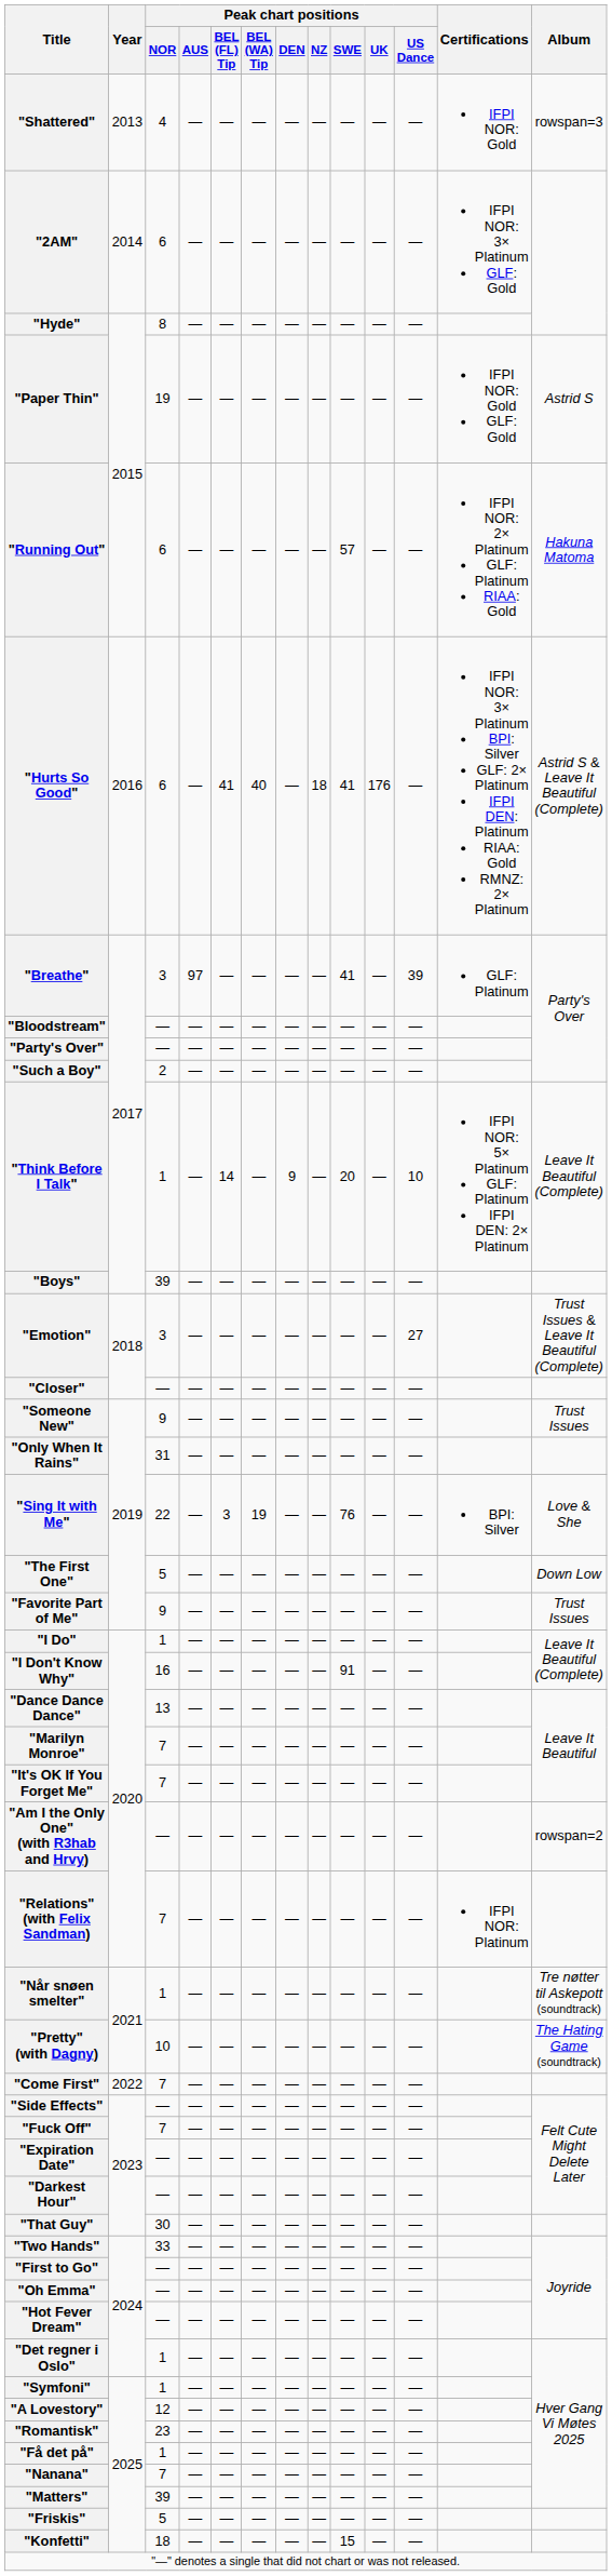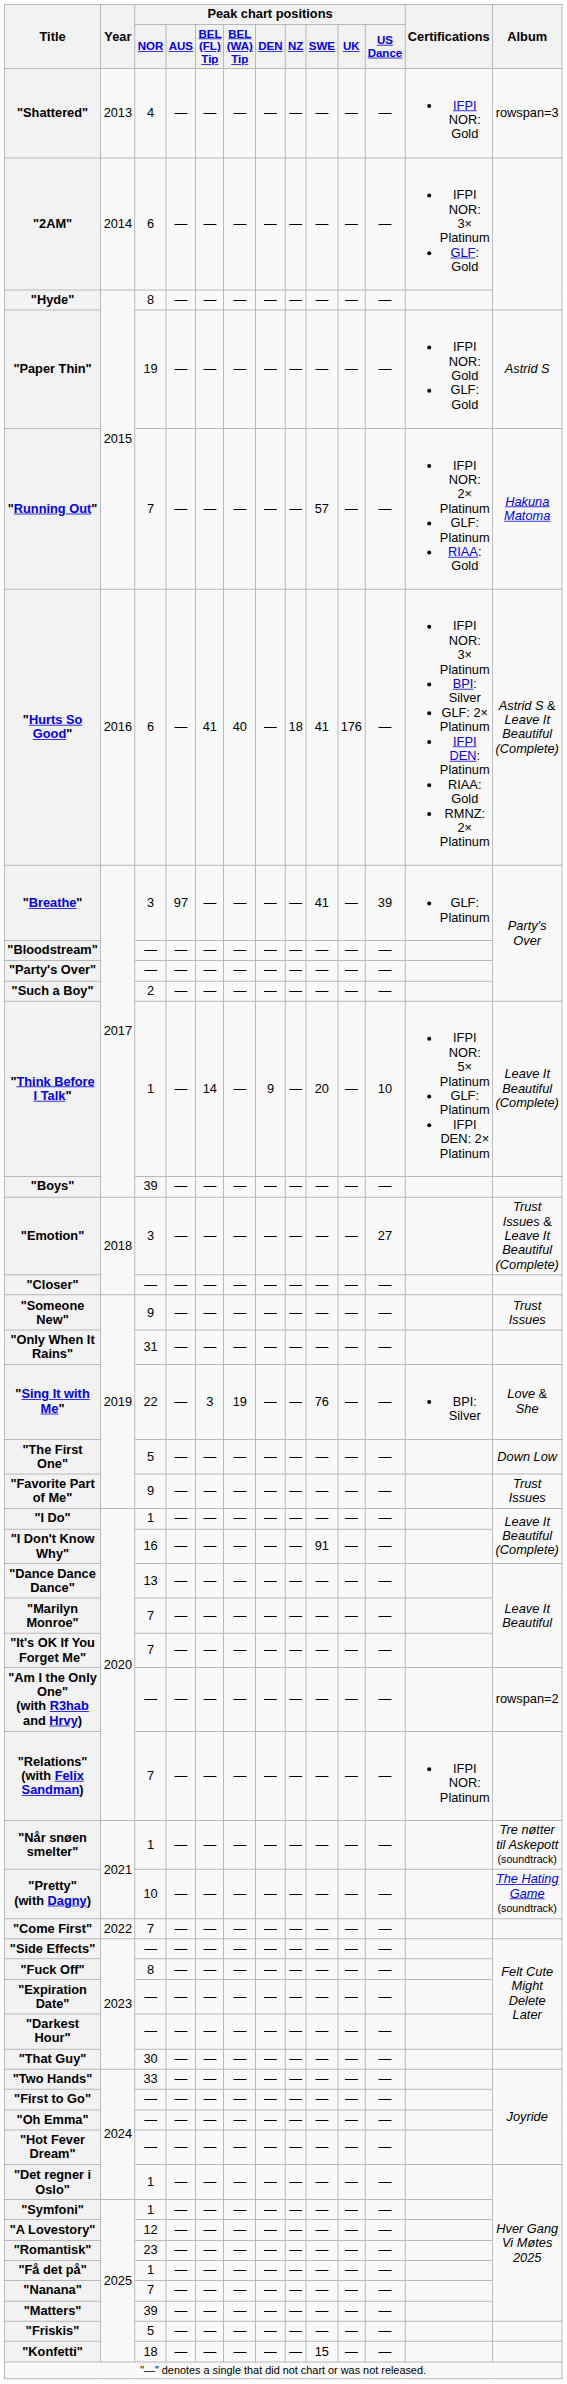 <table class="wikitable plainrowheaders" style="text-align:center">
 <tr>
 <th scope="col" rowspan="2">Title</th>
 <th scope="col" rowspan="2">Year</th>
 <th scope="col" colspan="9">Peak chart positions</th>
 <th scope="col" rowspan="2">Certifications</th>
 <th scope="col" rowspan="2">Album</th>
 </tr>
 <tr>
 <th scope="col" style="width:3em;font-size:90%;"><a href='#'>NOR</a><br></th>
 <th scope="col" style="width:3em;font-size:90%;"><a href='#'>AUS</a><br></th>
 <th scope="col" style="width:3em;font-size:90%;"><a href='#'>BEL (FL)<br>Tip</a><br></th>
 <th scope="col" style="width:3em;font-size:90%;"><a href='#'>BEL (WA)<br>Tip</a><br></th>
 <th scope="col" style="width:3em;font-size:90%;"><a href='#'>DEN</a><br></th>
 <th scope="col" style="width:3em;font-size:90%;"><a href='#'>NZ</a><br></th>
 <th scope="col" style="width:3em;font-size:90%;"><a href='#'>SWE</a><br></th>
 <th scope="col" style="width:3em;font-size:90%;"><a href='#'>UK</a><br></th>
 <th scope="col" style="width:3em;font-size:90%;"><a href='#'>US<br>Dance</a><br></th>
 </tr>
 <tr>
 <th scope="row">"Shattered"</th>
 <td>2013</td>
 <td>4</td>
 <td>—</td>
 <td>—</td>
 <td>—</td>
 <td>—</td>
 <td>—</td>
 <td>—</td>
 <td>—</td>
 <td>—</td>
 <td><br><ul><li><a href='#'>IFPI</a> NOR: Gold</li></ul></td>
 <td>rowspan=3 </td>
 </tr>
 <tr>
 <th scope="row">"2AM"<br></th>
 <td>2014</td>
 <td>6</td>
 <td>—</td>
 <td>—</td>
 <td>—</td>
 <td>—</td>
 <td>—</td>
 <td>—</td>
 <td>—</td>
 <td>—</td>
 <td><br><ul><li>IFPI NOR: 3× Platinum</li><li><a href='#'>GLF</a>: Gold</li></ul></td>
 </tr>
 <tr>
 <th scope="row">"Hyde"</th>
 <td rowspan=3>2015</td>
 <td>8</td>
 <td>—</td>
 <td>—</td>
 <td>—</td>
 <td>—</td>
 <td>—</td>
 <td>—</td>
 <td>—</td>
 <td>—</td>
 <td></td>
 </tr>
 <tr>
 <th scope="row">"Paper Thin"</th>
 <td>19</td>
 <td>—</td>
 <td>—</td>
 <td>—</td>
 <td>—</td>
 <td>—</td>
 <td>—</td>
 <td>—</td>
 <td>—</td>
 <td><br><ul><li>IFPI NOR: Gold</li><li>GLF: Gold</li></ul></td>
 <td><em>Astrid S</em></td>
 </tr>
 <tr>
 <th scope="row">"<a href='#'>Running Out</a>"<br></th>
-<td>6</td>
+<td>7</td>
 <td>—</td>
 <td>—</td>
 <td>—</td>
 <td>—</td>
 <td>—</td>
 <td>57</td>
 <td>—</td>
 <td>—</td>
 <td><br><ul><li>IFPI NOR: 2× Platinum</li><li>GLF: Platinum</li><li><a href='#'>RIAA</a>: Gold</li></ul></td>
 <td><em><a href='#'>Hakuna Matoma</a></em></td>
 </tr>
 <tr>
 <th scope="row">"<a href='#'>Hurts So Good</a>"</th>
 <td>2016</td>
 <td>6</td>
 <td>—</td>
 <td>41</td>
 <td>40</td>
 <td>—</td>
 <td>18</td>
 <td>41</td>
 <td>176</td>
 <td>—</td>
 <td><br><ul><li>IFPI NOR: 3× Platinum</li><li><a href='#'>BPI</a>: Silver</li><li>GLF: 2× Platinum</li><li><a href='#'>IFPI DEN</a>: Platinum</li><li>RIAA: Gold</li><li>RMNZ: 2× Platinum</li></ul></td>
 <td><em>Astrid S</em> & <em>Leave It Beautiful (Complete)</em></td>
 </tr>
 <tr>
 <th scope="row">"<a href='#'>Breathe</a>"</th>
 <td rowspan="6">2017</td>
 <td>3</td>
 <td>97</td>
 <td>—</td>
 <td>—</td>
 <td>—</td>
 <td>—</td>
 <td>41</td>
 <td>—</td>
 <td>39</td>
 <td><br><ul><li>GLF: Platinum</li></ul></td>
 <td rowspan=4><em>Party's Over</em></td>
 </tr>
 <tr>
 <th scope="row">"Bloodstream"</th>
 <td>—</td>
 <td>—</td>
 <td>—</td>
 <td>—</td>
 <td>—</td>
 <td>—</td>
 <td>—</td>
 <td>—</td>
 <td>—</td>
 <td></td>
 </tr>
 <tr>
 <th scope="row">"Party's Over"</th>
 <td>—</td>
 <td>—</td>
 <td>—</td>
 <td>—</td>
 <td>—</td>
 <td>—</td>
 <td>—</td>
 <td>—</td>
 <td>—</td>
 <td></td>
 </tr>
 <tr>
 <th scope="row">"Such a Boy"</th>
 <td>2</td>
 <td>—</td>
 <td>—</td>
 <td>—</td>
 <td>—</td>
 <td>—</td>
 <td>—</td>
 <td>—</td>
 <td>—</td>
 <td></td>
 </tr>
 <tr>
 <th scope="row">"<a href='#'>Think Before I Talk</a>"</th>
 <td>1</td>
 <td>—</td>
 <td>14</td>
 <td>—</td>
 <td>9</td>
 <td>—</td>
 <td>20</td>
 <td>—</td>
 <td>10</td>
 <td><br><ul><li>IFPI NOR: 5× Platinum</li><li>GLF: Platinum</li><li>IFPI DEN: 2× Platinum</li></ul></td>
 <td><em>Leave It Beautiful (Complete)</em></td>
 </tr>
 <tr>
 <th scope="row">"Boys"<br></th>
 <td>39<br></td>
 <td>—</td>
 <td>—</td>
 <td>—</td>
 <td>—</td>
 <td>—</td>
 <td>—</td>
 <td>—</td>
 <td>—</td>
 <td></td>
 <td></td>
 </tr>
 <tr>
 <th scope="row">"Emotion"</th>
 <td rowspan="2">2018</td>
 <td>3</td>
 <td>—</td>
 <td>—</td>
 <td>—</td>
 <td>—</td>
 <td>—</td>
 <td>—</td>
 <td>—</td>
 <td>27</td>
 <td></td>
 <td><em>Trust Issues</em> & <em>Leave It Beautiful (Complete)</em></td>
 </tr>
 <tr>
 <th scope="row">"Closer"</th>
 <td>—</td>
 <td>—</td>
 <td>—</td>
 <td>—</td>
 <td>—</td>
 <td>—</td>
 <td>—</td>
 <td>—</td>
 <td>—</td>
 <td></td>
 <td></td>
 </tr>
 <tr>
 <th scope="row">"Someone New"</th>
 <td rowspan="5">2019</td>
 <td>9</td>
 <td>—</td>
 <td>—</td>
 <td>—</td>
 <td>—</td>
 <td>—</td>
 <td>—</td>
 <td>—</td>
 <td>—</td>
 <td></td>
 <td><em>Trust Issues</em></td>
 </tr>
 <tr>
 <th scope="row">"Only When It Rains"<br></th>
 <td>31</td>
 <td>—</td>
 <td>—</td>
 <td>—</td>
 <td>—</td>
 <td>—</td>
 <td>—</td>
 <td>—</td>
 <td>—</td>
 <td></td>
 <td></td>
 </tr>
 <tr>
 <th scope="row">"<a href='#'>Sing It with Me</a>"<br></th>
 <td>22</td>
 <td>—</td>
 <td>3</td>
 <td>19</td>
 <td>—</td>
 <td>—</td>
 <td>76</td>
 <td>—</td>
 <td>—</td>
 <td><br><ul><li>BPI: Silver</li></ul></td>
 <td><em>Love</em> & <em>She</em></td>
 </tr>
 <tr>
 <th scope="row">"The First One"</th>
 <td>5</td>
 <td>—</td>
 <td>—</td>
 <td>—</td>
 <td>—</td>
 <td>—</td>
 <td>—</td>
 <td>—</td>
 <td>—</td>
 <td></td>
 <td><em>Down Low</em></td>
 </tr>
 <tr>
 <th scope="row">"Favorite Part of Me"</th>
 <td>9</td>
 <td>—</td>
 <td>—</td>
 <td>—</td>
 <td>—</td>
 <td>—</td>
 <td>—</td>
 <td>—</td>
 <td>—</td>
 <td></td>
 <td><em>Trust Issues</em></td>
 </tr>
 <tr>
 <th scope="row">"I Do"<br></th>
 <td rowspan="7">2020</td>
 <td>1<br></td>
 <td>—</td>
 <td>—</td>
 <td>—</td>
 <td>—</td>
 <td>—</td>
 <td>—</td>
 <td>—</td>
 <td>—</td>
 <td></td>
 <td rowspan="2"><em>Leave It Beautiful (Complete)</em></td>
 </tr>
 <tr>
 <th scope="row">"I Don't Know Why"<br></th>
 <td>16</td>
 <td>—</td>
 <td>—</td>
 <td>—</td>
 <td>—</td>
 <td>—</td>
 <td>91</td>
 <td>—</td>
 <td>—</td>
 <td></td>
 </tr>
 <tr>
 <th scope="row">"Dance Dance Dance"</th>
 <td>13</td>
 <td>—</td>
 <td>—</td>
 <td>—</td>
 <td>—</td>
 <td>—</td>
 <td>—</td>
 <td>—</td>
 <td>—</td>
 <td></td>
 <td rowspan="3"><em>Leave It Beautiful</em></td>
 </tr>
 <tr>
 <th scope="row">"Marilyn Monroe"</th>
 <td>7</td>
 <td>—</td>
 <td>—</td>
 <td>—</td>
 <td>—</td>
 <td>—</td>
 <td>—</td>
 <td>—</td>
 <td>—</td>
 <td></td>
 </tr>
 <tr>
 <th scope="row">"It's OK If You Forget Me"</th>
 <td>7</td>
 <td>—</td>
 <td>—</td>
 <td>—</td>
 <td>—</td>
 <td>—</td>
 <td>—</td>
 <td>—</td>
 <td>—</td>
 <td></td>
 </tr>
 <tr>
 <th scope="row">"Am I the Only One" <br><span>(with <a href='#'>R3hab</a> and <a href='#'>Hrvy</a>)</span></th>
 <td>—</td>
 <td>—</td>
 <td>—</td>
 <td>—</td>
 <td>—</td>
 <td>—</td>
 <td>—</td>
 <td>—</td>
 <td>—</td>
 <td></td>
 <td>rowspan=2 </td>
 </tr>
 <tr>
 <th scope="row">"Relations" <br><span>(with <a href='#'>Felix Sandman</a>)</span></th>
 <td>7</td>
 <td>—</td>
 <td>—</td>
 <td>—</td>
 <td>—</td>
 <td>—</td>
 <td>—</td>
 <td>—</td>
 <td>—</td>
 <td><br><ul><li>IFPI NOR: Platinum</li></ul></td>
 </tr>
 <tr>
 <th scope="row">"Når snøen smelter"</th>
 <td rowspan="2">2021</td>
 <td>1</td>
 <td>—</td>
 <td>—</td>
 <td>—</td>
 <td>—</td>
 <td>—</td>
 <td>—</td>
 <td>—</td>
 <td>—</td>
 <td></td>
 <td><em>Tre nøtter til Askepott</em><br><small>(soundtrack)</small></td>
 </tr>
 <tr>
 <th scope="row">"Pretty"<br><span>(with <a href='#'>Dagny</a>)</span></th>
 <td>10</td>
 <td>—</td>
 <td>—</td>
 <td>—</td>
 <td>—</td>
 <td>—</td>
 <td>—</td>
 <td>—</td>
 <td>—</td>
 <td></td>
 <td><em><a href='#'>The Hating Game</a></em><br><small>(soundtrack)</small></td>
 </tr>
 <tr>
 <th scope="row">"Come First"</th>
 <td>2022</td>
 <td>7</td>
 <td>—</td>
 <td>—</td>
 <td>—</td>
 <td>—</td>
 <td>—</td>
 <td>—</td>
 <td>—</td>
 <td>—</td>
 <td></td>
 <td></td>
 </tr>
 <tr>
 <th scope="row">"Side Effects"</th>
 <td rowspan="5">2023</td>
 <td>—</td>
 <td>—</td>
 <td>—</td>
 <td>—</td>
 <td>—</td>
 <td>—</td>
 <td>—</td>
 <td>—</td>
 <td>—</td>
 <td></td>
 <td rowspan="4"><em>Felt Cute Might Delete Later</em></td>
 </tr>
 <tr>
 <th scope="row">"Fuck Off"</th>
-<td>7</td>
+<td>8</td>
 <td>—</td>
 <td>—</td>
 <td>—</td>
 <td>—</td>
 <td>—</td>
 <td>—</td>
 <td>—</td>
 <td>—</td>
 <td></td>
 </tr>
 <tr>
 <th scope="row">"Expiration Date"</th>
 <td>—</td>
 <td>—</td>
 <td>—</td>
 <td>—</td>
 <td>—</td>
 <td>—</td>
 <td>—</td>
 <td>—</td>
 <td>—</td>
 <td></td>
 </tr>
 <tr>
 <th scope="row">"Darkest Hour"</th>
 <td>—</td>
 <td>—</td>
 <td>—</td>
 <td>—</td>
 <td>—</td>
 <td>—</td>
 <td>—</td>
 <td>—</td>
 <td>—</td>
 <td></td>
 </tr>
 <tr>
 <th scope="row">"That Guy"</th>
 <td>30</td>
 <td>—</td>
 <td>—</td>
 <td>—</td>
 <td>—</td>
 <td>—</td>
 <td>—</td>
 <td>—</td>
 <td>—</td>
 <td></td>
 <td></td>
 </tr>
 <tr>
 <th scope="row">"Two Hands"</th>
 <td rowspan="5">2024</td>
 <td>33</td>
 <td>—</td>
 <td>—</td>
 <td>—</td>
 <td>—</td>
 <td>—</td>
 <td>—</td>
 <td>—</td>
 <td>—</td>
 <td></td>
 <td rowspan="4"><em>Joyride</em></td>
 </tr>
 <tr>
 <th scope="row">"First to Go"</th>
 <td>—</td>
 <td>—</td>
 <td>—</td>
 <td>—</td>
 <td>—</td>
 <td>—</td>
 <td>—</td>
 <td>—</td>
 <td>—</td>
 <td></td>
 </tr>
 <tr>
 <th scope="row">"Oh Emma"</th>
 <td>—</td>
 <td>—</td>
 <td>—</td>
 <td>—</td>
 <td>—</td>
 <td>—</td>
 <td>—</td>
 <td>—</td>
 <td>—</td>
 <td></td>
 </tr>
 <tr>
 <th scope="row">"Hot Fever Dream"</th>
 <td>—</td>
 <td>—</td>
 <td>—</td>
 <td>—</td>
 <td>—</td>
 <td>—</td>
 <td>—</td>
 <td>—</td>
 <td>—</td>
 <td></td>
 </tr>
 <tr>
 <th scope="row">"Det regner i Oslo"</th>
 <td>1<br></td>
 <td>—</td>
 <td>—</td>
 <td>—</td>
 <td>—</td>
 <td>—</td>
 <td>—</td>
 <td>—</td>
 <td>—</td>
 <td></td>
 <td rowspan="7"><em>Hver Gang Vi Møtes 2025</em></td>
 </tr>
 <tr>
 <th scope="row">"Symfoni"</th>
 <td rowspan="8">2025</td>
 <td>1<br></td>
 <td>—</td>
 <td>—</td>
 <td>—</td>
 <td>—</td>
 <td>—</td>
 <td>—</td>
 <td>—</td>
 <td>—</td>
 <td></td>
 </tr>
 <tr>
 <th scope="row">"A Lovestory"<br></th>
 <td>12<br></td>
 <td>—</td>
 <td>—</td>
 <td>—</td>
 <td>—</td>
 <td>—</td>
 <td>—</td>
 <td>—</td>
 <td>—</td>
 <td></td>
 </tr>
 <tr>
 <th scope="row">"Romantisk"</th>
 <td>23<br></td>
 <td>—</td>
 <td>—</td>
 <td>—</td>
 <td>—</td>
 <td>—</td>
 <td>—</td>
 <td>—</td>
 <td>—</td>
 <td></td>
 </tr>
 <tr>
 <th scope="row">"Få det på"<br></th>
 <td>1<br></td>
 <td>—</td>
 <td>—</td>
 <td>—</td>
 <td>—</td>
 <td>—</td>
 <td>—</td>
 <td>—</td>
 <td>—</td>
 <td></td>
 </tr>
 <tr>
 <th scope="row">"Nanana"</th>
 <td>7</td>
 <td>—</td>
 <td>—</td>
 <td>—</td>
 <td>—</td>
 <td>—</td>
 <td>—</td>
 <td>—</td>
 <td>—</td>
 <td></td>
 </tr>
 <tr>
 <th scope="row">"Matters"<br></th>
 <td>39<br></td>
 <td>—</td>
 <td>—</td>
 <td>—</td>
 <td>—</td>
 <td>—</td>
 <td>—</td>
 <td>—</td>
 <td>—</td>
 <td></td>
 </tr>
 <tr>
 <th scope="row">"Friskis"<br></th>
 <td>5<br></td>
 <td>—</td>
 <td>—</td>
 <td>—</td>
 <td>—</td>
 <td>—</td>
 <td>—</td>
 <td>—</td>
 <td>—</td>
 <td></td>
 <td></td>
 </tr>
 <tr>
 <th scope="row">"Konfetti"<br></th>
 <td>18<br></td>
 <td>—</td>
 <td>—</td>
 <td>—</td>
 <td>—</td>
 <td>—</td>
 <td>15<br></td>
 <td>—</td>
 <td>—</td>
 <td></td>
 <td></td>
 </tr>
 <tr>
 <td colspan="13" style="font-size:85%">"—" denotes a single that did not chart or was not released.</td>
 </tr>
 </table>
